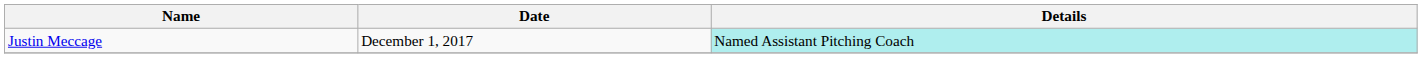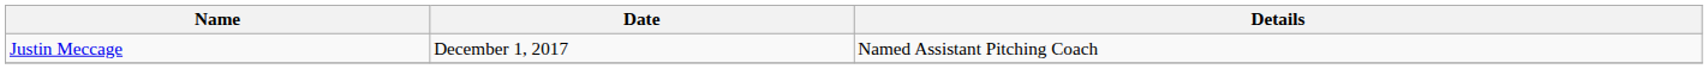 <table class="wikitable" style="width:75%;">
 <tr style="text-align:center; background:#ddd;">
 <th style="width:25%;">Name</th>
 <th style="width:25%;">Date</th>
 <th style="width:50%;">Details</th>
 </tr>
 <tr>
 <td><a href='#'>Justin Meccage</a></td>
 <td>December 1, 2017</td>
-<td style="background: paleturquoise;">Named Assistant Pitching Coach</td>
+<td>Named Assistant Pitching Coach</td>
 </tr>
 <tr>
 </tr>
 </table>
